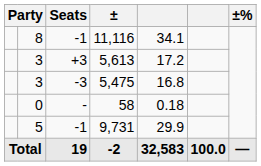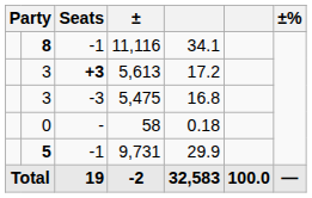 <table class=wikitable>
 <tr>
 <th colspan=2 align=center>Party</th>
 <th>Seats</th>
 <th>±</th>
 <th></th>
 <th></th>
 <th>±%</th>
 </tr>
 <tr>
 <td></td>
-<td align=right>8</td>
+<td align=right><strong>8</strong></td>
 <td align=right>-1</td>
 <td align=right>11,116</td>
 <td align=right>34.1</td>
 <td align=right></td>
 </tr>
 <tr>
 <td></td>
 <td align=right>3</td>
-<td align=right>+3</td>
+<td align=right><strong>+3</strong></td>
 <td align=right>5,613</td>
 <td align=right>17.2</td>
 <td align=right></td>
 </tr>
 <tr>
 <td></td>
 <td align=right>3</td>
 <td align=right>-3</td>
 <td align=right>5,475</td>
 <td align=right>16.8</td>
 <td align=right></td>
 </tr>
 <tr>
 <td></td>
 <td align=right>0</td>
 <td align=right>-</td>
 <td align=right>58</td>
 <td align=right>0.18</td>
 <td align=right></td>
 </tr>
 <tr>
 <td></td>
-<td align=right>5</td>
+<td align=right><strong>5</strong></td>
 <td align=right>-1</td>
 <td align=right>9,731</td>
 <td align=right>29.9</td>
 <td align=right></td>
 </tr>
 <tr style="font-weight:bold; background:rgb(232,232,232);">
 <td colspan=2 align=center>Total</td>
 <td align=right>19</td>
 <td align=center>-2</td>
 <td align=right>32,583</td>
 <td align=center>100.0</td>
 <td align=center>—</td>
 </tr>
 </table>
